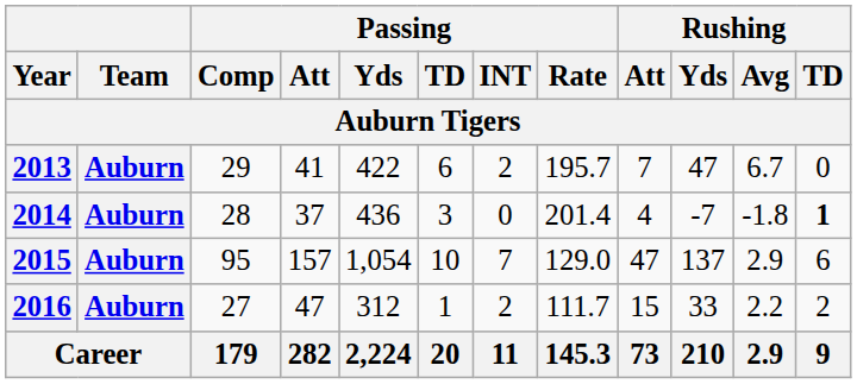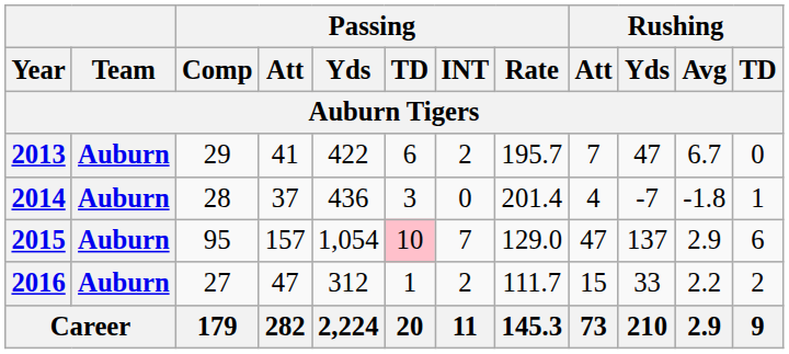 <table class="wikitable" style="text-align:center;">
 <tr>
 <th colspan="2"></th>
 <th colspan="6">Passing</th>
 <th colspan="4">Rushing</th>
 </tr>
 <tr>
 <th>Year</th>
 <th>Team</th>
 <th>Comp</th>
 <th>Att</th>
 <th>Yds</th>
 <th>TD</th>
 <th>INT</th>
 <th>Rate</th>
 <th>Att</th>
 <th>Yds</th>
 <th>Avg</th>
 <th>TD</th>
 </tr>
 <tr>
 <th colspan="16">Auburn Tigers</th>
 </tr>
 <tr>
 <th><a href='#'>2013</a></th>
 <th><a href='#'>Auburn</a></th>
 <td>29</td>
 <td>41</td>
 <td>422</td>
 <td>6</td>
 <td>2</td>
 <td>195.7</td>
 <td>7</td>
 <td>47</td>
 <td>6.7</td>
 <td>0</td>
 </tr>
 <tr>
 <th><a href='#'>2014</a></th>
 <th><a href='#'>Auburn</a></th>
 <td>28</td>
 <td>37</td>
 <td>436</td>
 <td>3</td>
 <td>0</td>
 <td>201.4</td>
 <td>4</td>
 <td>-7</td>
 <td>-1.8</td>
-<td><strong>1</strong></td>
+<td>1</td>
 </tr>
 <tr>
 <th><a href='#'>2015</a></th>
 <th><a href='#'>Auburn</a></th>
 <td>95</td>
 <td>157</td>
 <td>1,054</td>
-<td>10</td>
+<td style="background: pink;">10</td>
 <td>7</td>
 <td>129.0</td>
 <td>47</td>
 <td>137</td>
 <td>2.9</td>
 <td>6</td>
 </tr>
 <tr>
 <th><a href='#'>2016</a></th>
 <th><a href='#'>Auburn</a></th>
 <td>27</td>
 <td>47</td>
 <td>312</td>
 <td>1</td>
 <td>2</td>
 <td>111.7</td>
 <td>15</td>
 <td>33</td>
 <td>2.2</td>
 <td>2</td>
 </tr>
 <tr style="background:#eee;">
 <th colspan=2><strong>Career</strong></th>
 <th>179</th>
 <th>282</th>
 <th>2,224</th>
 <th>20</th>
 <th>11</th>
 <th>145.3</th>
 <th>73</th>
 <th>210</th>
 <th>2.9</th>
 <th>9</th>
 </tr>
 </table>
